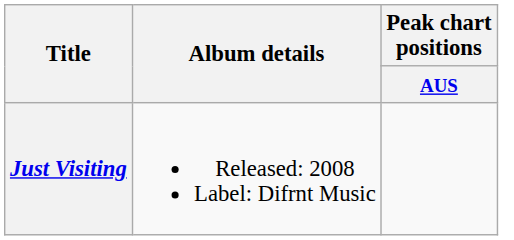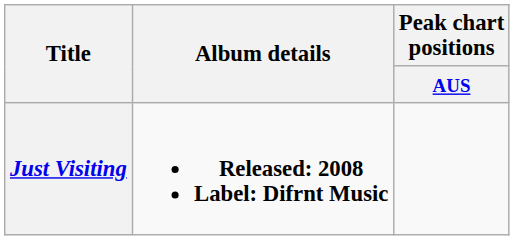 <table class="wikitable plainrowheaders" style="text-align:center;" border="1">
 <tr>
 <th scope="col" rowspan="2">Title</th>
 <th scope="col" rowspan="2">Album details</th>
 <th scope="col" colspan="1">Peak chart<br>positions</th>
 </tr>
 <tr>
 <th scope="col" style="text-align:center;"><small><a href='#'>AUS</a></small></th>
 </tr>
 <tr>
 <th scope="row"><em><a href='#'>Just Visiting</a></em></th>
-<td><br><ul><li>Released: 2008</li><li>Label: Difrnt Music</li></ul></td>
+<td><strong><br><ul><li>Released: 2008</li><li>Label: Difrnt Music</li></ul></strong></td>
 <td align="center"></td>
 </tr>
 </table>
